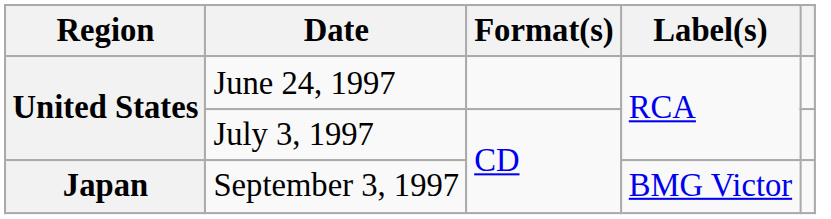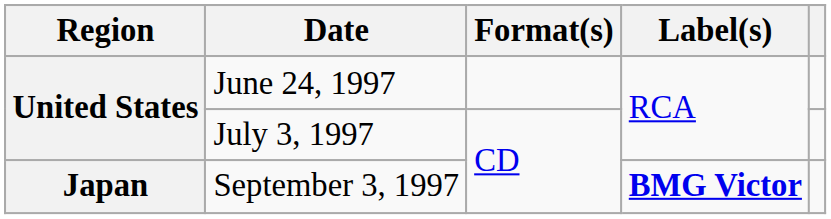 <table class="wikitable plainrowheaders">
 <tr>
 <th scope="col">Region</th>
 <th scope="col">Date</th>
 <th scope="col">Format(s)</th>
 <th scope="col">Label(s)</th>
 <th scope="col"></th>
 </tr>
 <tr>
 <th rowspan="2" scope="row">United States</th>
 <td>June 24, 1997</td>
 <td></td>
 <td rowspan="2"><a href='#'>RCA</a></td>
 <td></td>
 </tr>
 <tr>
 <td>July 3, 1997</td>
 <td rowspan="2"><a href='#'>CD</a></td>
 <td></td>
 </tr>
 <tr>
 <th scope="row">Japan</th>
 <td>September 3, 1997</td>
-<td><a href='#'>BMG Victor</a></td>
+<td><strong><a href='#'>BMG Victor</a></strong></td>
 <td></td>
 </tr>
 </table>
